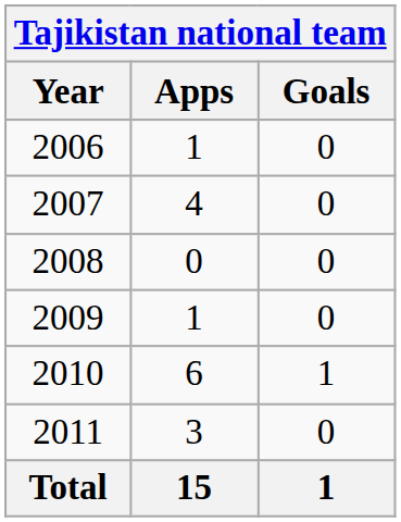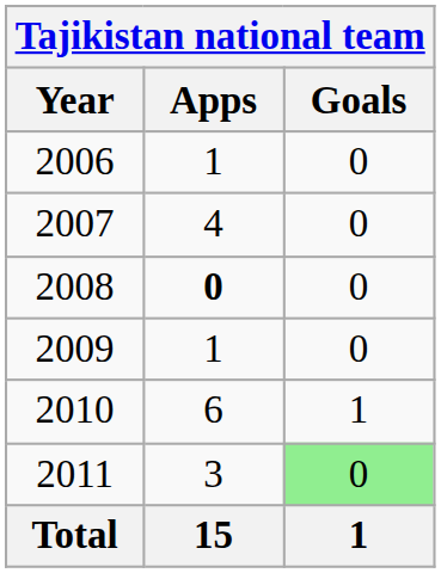 <table class="wikitable" style="text-align:center">
 <tr>
 <th colspan=3><a href='#'>Tajikistan national team</a></th>
 </tr>
 <tr>
 <th>Year</th>
 <th>Apps</th>
 <th>Goals</th>
 </tr>
 <tr>
 <td>2006</td>
 <td>1</td>
 <td>0</td>
 </tr>
 <tr>
 <td>2007</td>
 <td>4</td>
 <td>0</td>
 </tr>
 <tr>
 <td>2008</td>
-<td>0</td>
+<td><strong>0</strong></td>
 <td>0</td>
 </tr>
 <tr>
 <td>2009</td>
 <td>1</td>
 <td>0</td>
 </tr>
 <tr>
 <td>2010</td>
 <td>6</td>
 <td>1</td>
 </tr>
 <tr>
 <td>2011</td>
 <td>3</td>
-<td>0</td>
+<td style="background: lightgreen;">0</td>
 </tr>
 <tr>
 <th>Total</th>
 <th>15</th>
 <th>1</th>
 </tr>
 </table>
